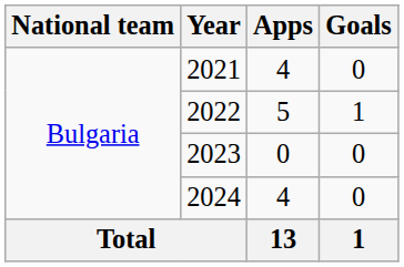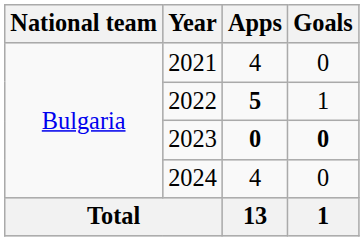 <table class="wikitable" style="text-align:center">
 <tr>
 <th>National team</th>
 <th>Year</th>
 <th>Apps</th>
 <th>Goals</th>
 </tr>
 <tr>
 <td rowspan="4"><a href='#'>Bulgaria</a></td>
 <td>2021</td>
 <td>4</td>
 <td>0</td>
 </tr>
 <tr>
 <td>2022</td>
-<td>5</td>
+<td><strong>5</strong></td>
 <td>1</td>
 </tr>
 <tr>
 <td>2023</td>
-<td>0</td>
-<td>0</td>
+<td><strong>0</strong></td>
+<td><strong>0</strong></td>
 </tr>
 <tr>
 <td>2024</td>
 <td>4</td>
 <td>0</td>
 </tr>
 <tr>
 <th colspan="2">Total</th>
 <th>13</th>
 <th>1</th>
 </tr>
 </table>
